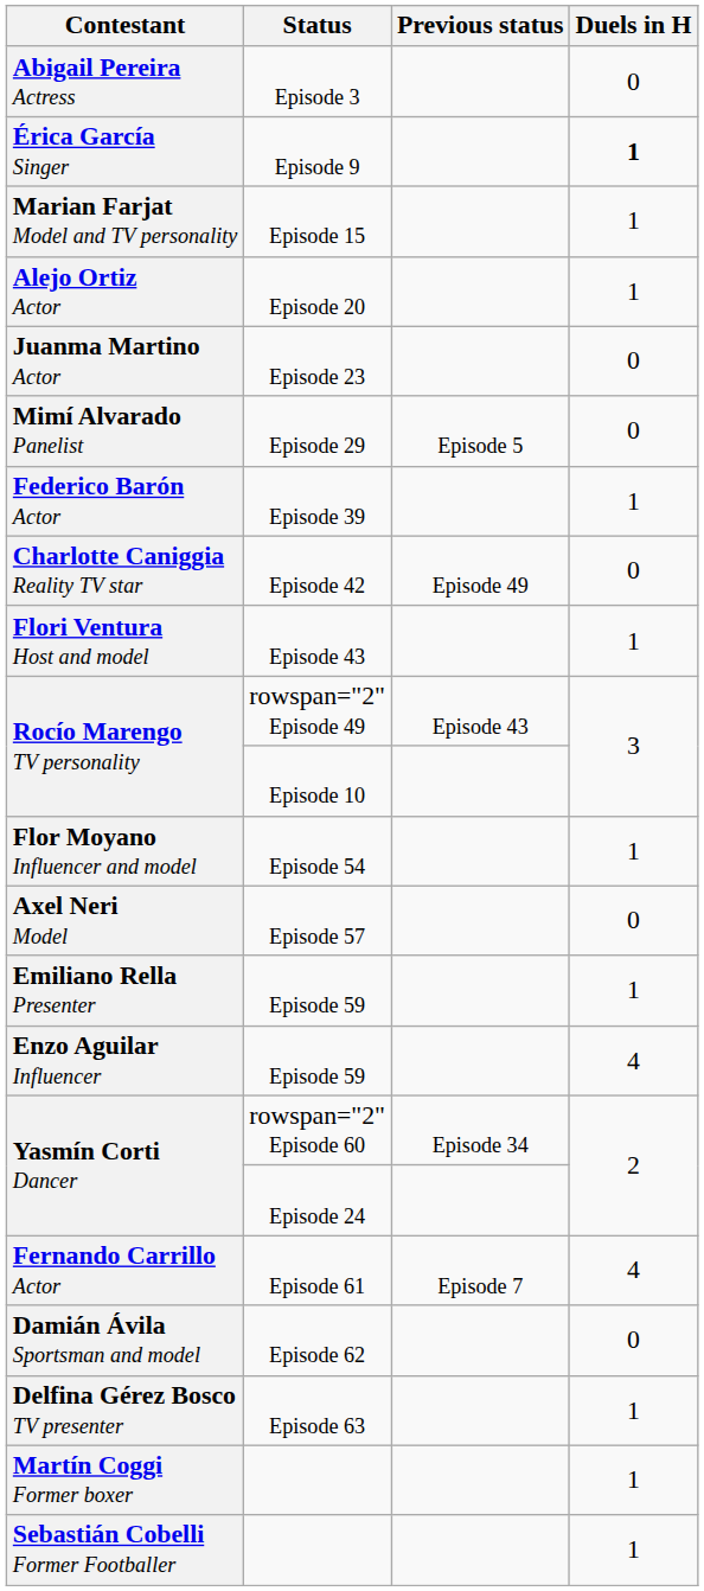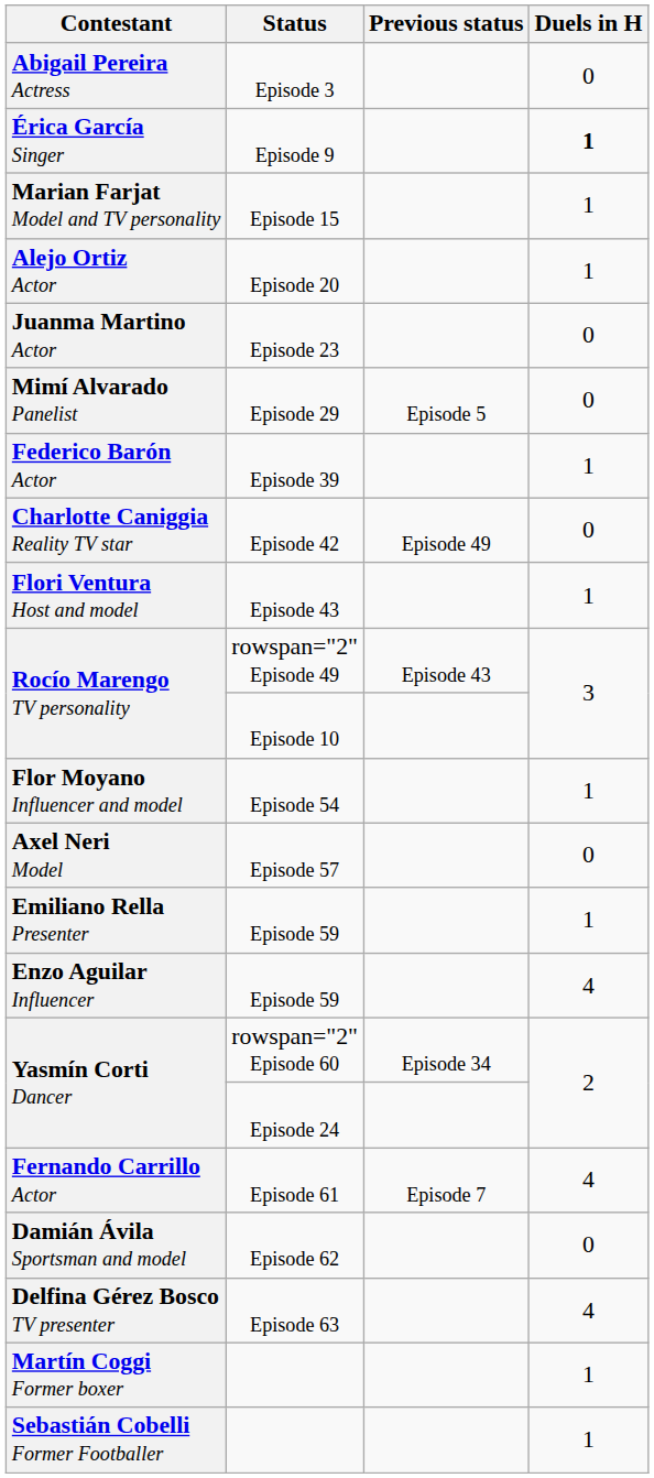 <table class="wikitable sortable" style="margin:auto; text-align:center">
 <tr>
 <th scope="col" class="sortable">Contestant</th>
 <th>Status</th>
 <th>Previous status</th>
 <th>Duels in H</th>
 </tr>
 <tr>
 <th scope="row" style="text-align:left;font-weight:normal"> <strong><a href='#'>Abigail Pereira</a></strong><br><small><em>Actress</em></small></th>
 <td><br><small>Episode 3</small></td>
 <td></td>
 <td>0</td>
 </tr>
 <tr>
 <th scope="row" style="text-align:left;font-weight:normal"> <strong><a href='#'>Érica García</a></strong><br><small><em>Singer</em></small></th>
 <td><br><small>Episode 9</small> </td>
 <td></td>
 <td><strong>1</strong></td>
 </tr>
 <tr>
 <th scope="row" style="text-align:left;font-weight:normal"> <strong>Marian Farjat</strong><br><small><em>Model and TV personality</em></small></th>
 <td><br><small>Episode 15</small> </td>
 <td></td>
 <td>1</td>
 </tr>
 <tr>
 <th scope="row" style="text-align:left;font-weight:normal"> <strong><a href='#'>Alejo Ortiz</a></strong><br><small><em>Actor</em></small></th>
 <td><br><small>Episode 20</small> </td>
 <td></td>
 <td>1</td>
 </tr>
 <tr>
 <th scope="row" style="text-align:left;font-weight:normal"> <strong>Juanma Martino</strong><br><small><em>Actor</em></small></th>
 <td><br><small>Episode 23</small> </td>
 <td></td>
 <td>0</td>
 </tr>
 <tr>
 <th scope="row" style="text-align:left;font-weight:normal"> <strong>Mimí Alvarado</strong><br><small><em>Panelist</em></small></th>
 <td><br><small>Episode 29</small> </td>
 <td><br><small>Episode 5</small> </td>
 <td>0</td>
 </tr>
 <tr>
 <th scope="row" style="text-align:left;font-weight:normal"> <strong><a href='#'>Federico Barón</a></strong><br><small><em>Actor</em></small></th>
 <td><br><small>Episode 39</small> </td>
 <td></td>
 <td>1</td>
 </tr>
 <tr>
 <th scope="row" style="text-align:left;font-weight:normal"> <strong><a href='#'>Charlotte Caniggia</a></strong><br><small><em>Reality TV star</em></small></th>
 <td><br><small>Episode 42</small> </td>
 <td><br><small>Episode 49</small> </td>
 <td>0</td>
 </tr>
 <tr>
 <th scope="row" style="text-align:left;font-weight:normal"> <strong><a href='#'>Flori Ventura</a></strong><br><small><em>Host and model</em></small></th>
 <td><br><small>Episode 43</small> </td>
 <td></td>
 <td>1</td>
 </tr>
 <tr>
 <th rowspan="2" scope="row" style="text-align:left;font-weight:normal"> <strong><a href='#'>Rocío Marengo</a></strong><br><small><em>TV personality</em></small></th>
 <td>rowspan="2" <br><small>Episode 49</small></td>
 <td><br><small>Episode 43</small> </td>
 <td rowspan="2">3</td>
 </tr>
 <tr>
 <td><br><small>Episode 10</small> </td>
 </tr>
 <tr>
 <th scope="row" style="text-align:left;font-weight:normal"> <strong>Flor Moyano</strong><br><small><em>Influencer and model</em></small></th>
 <td><br><small>Episode 54</small> </td>
 <td></td>
 <td>1</td>
 </tr>
 <tr>
 <th scope="row" style="text-align:left;font-weight:normal"> <strong>Axel Neri</strong><br><small><em>Model</em></small></th>
 <td><br><small>Episode 57</small> </td>
 <td></td>
 <td>0</td>
 </tr>
 <tr>
 <th scope="row" style="text-align:left;font-weight:normal"> <strong>Emiliano Rella</strong><br><small><em>Presenter</em></small></th>
 <td><br><small>Episode 59</small> </td>
 <td></td>
 <td>1</td>
 </tr>
 <tr>
 <th scope="row" style="text-align:left;font-weight:normal"> <strong>Enzo Aguilar</strong><br><small><em>Influencer</em></small></th>
 <td><br><small>Episode 59</small> </td>
 <td></td>
 <td>4</td>
 </tr>
 <tr>
 <th rowspan="2" scope="row" style="text-align:left;font-weight:normal"> <strong>Yasmín Corti</strong><br><small><em>Dancer</em></small></th>
 <td>rowspan="2" <br><small>Episode 60</small> </td>
 <td><br><small>Episode 34</small> </td>
 <td rowspan="2">2</td>
 </tr>
 <tr>
 <td><br><small>Episode 24</small> </td>
 </tr>
 <tr>
 <th scope="row" style="text-align:left;font-weight:normal"> <strong><a href='#'>Fernando Carrillo</a></strong><br><small><em>Actor</em></small></th>
 <td><br><small>Episode 61</small> </td>
 <td><br><small>Episode 7</small> </td>
 <td>4</td>
 </tr>
 <tr>
 <th scope="row" style="text-align:left;font-weight:normal"> <strong>Damián Ávila</strong><br><small><em>Sportsman and model</em></small></th>
 <td><br><small>Episode 62</small> </td>
 <td></td>
 <td>0</td>
 </tr>
 <tr>
 <th scope="row" style="text-align:left;font-weight:normal"> <strong>Delfina Gérez Bosco</strong><br><small><em>TV presenter</em></small></th>
 <td><br><small>Episode 63</small> </td>
 <td></td>
-<td>1</td>
+<td>4</td>
 </tr>
 <tr>
 <th scope="row" style="text-align:left;font-weight:normal"> <strong><a href='#'>Martín Coggi</a></strong><br><small><em>Former boxer</em></small></th>
 <td></td>
 <td></td>
 <td>1</td>
 </tr>
 <tr>
 <th scope="row" style="text-align:left;font-weight:normal"> <strong><a href='#'>Sebastián Cobelli</a></strong><br><small><em>Former Footballer</em></small></th>
 <td></td>
 <td></td>
 <td>1</td>
 </tr>
 </table>
